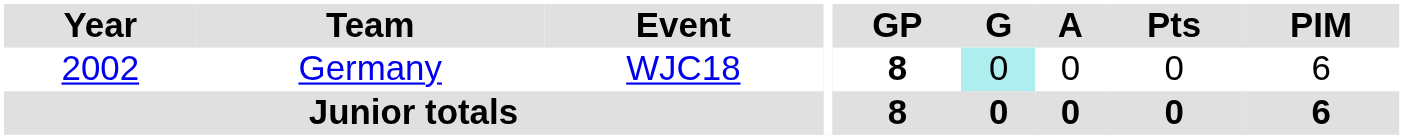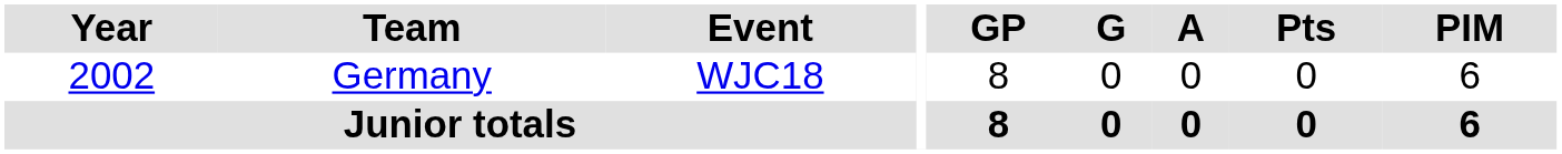 <table border="0" cellpadding="1" cellspacing="0" ID="Table3" style="text-align:center; width:40em">
 <tr ALIGN="center" bgcolor="#e0e0e0">
 <th>Year</th>
 <th>Team</th>
 <th>Event</th>
 <th rowspan="99" bgcolor="#ffffff"></th>
 <th>GP</th>
 <th>G</th>
 <th>A</th>
 <th>Pts</th>
 <th>PIM</th>
 </tr>
 <tr ALIGN="center">
 <td><a href='#'>2002</a></td>
 <td><a href='#'>Germany</a></td>
 <td><a href='#'>WJC18</a></td>
-<td><strong>8</strong></td>
-<td style="background: paleturquoise;">0</td>
+<td>8</td>
+<td>0</td>
 <td>0</td>
 <td>0</td>
 <td>6</td>
 </tr>
 <tr bgcolor="#e0e0e0">
 <th colspan="3">Junior totals</th>
 <th>8</th>
 <th>0</th>
 <th>0</th>
 <th>0</th>
 <th>6</th>
 </tr>
 </table>
